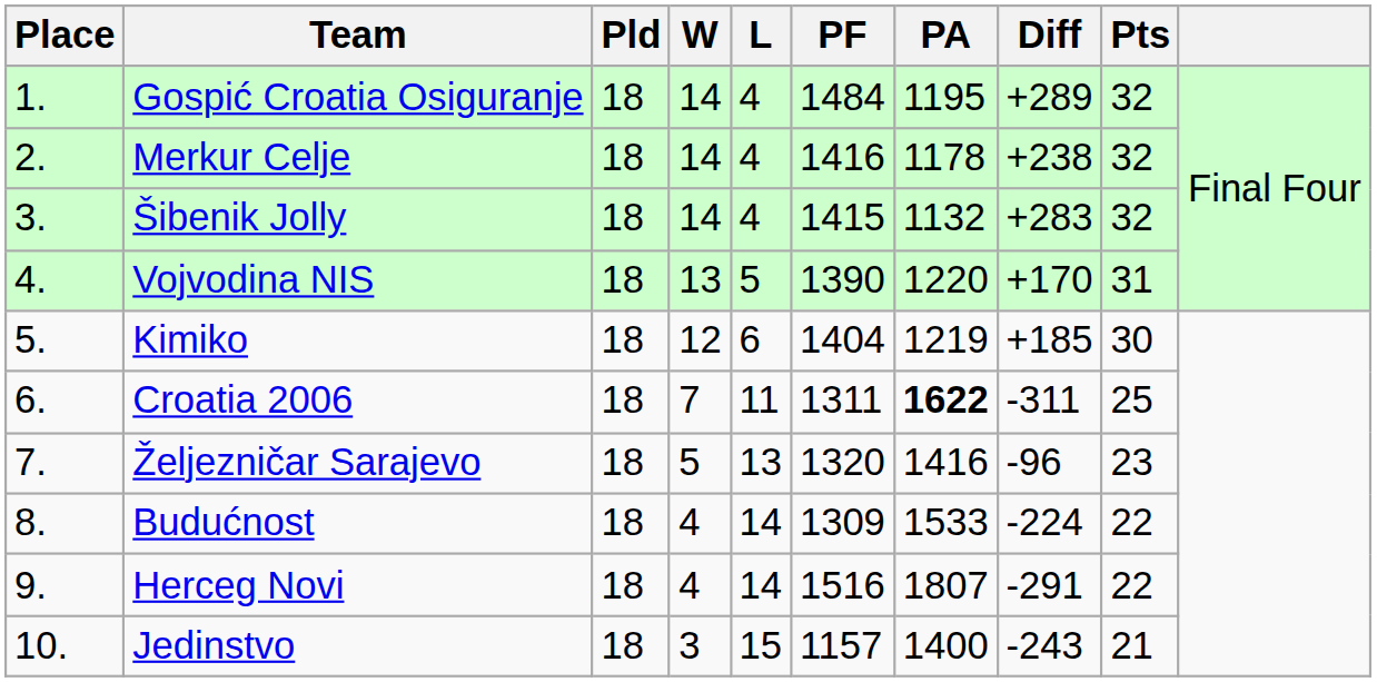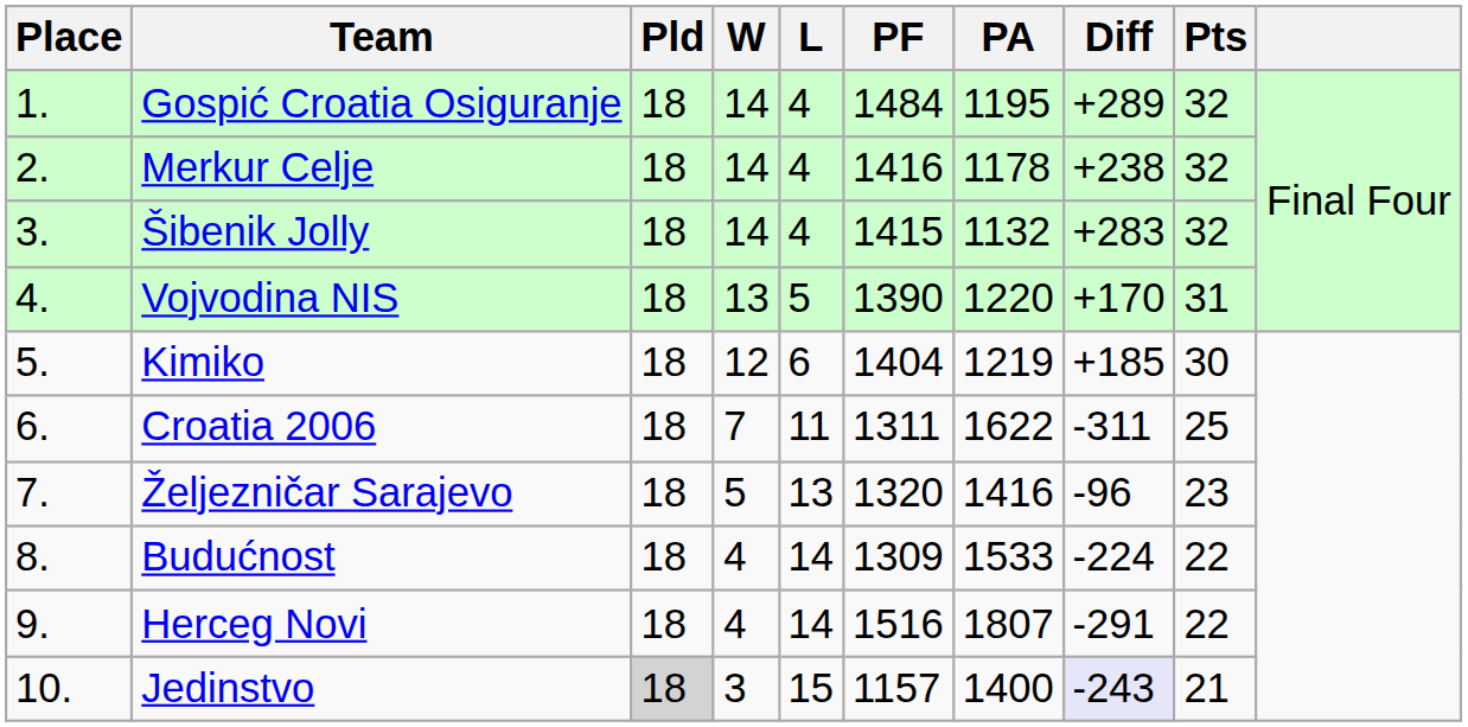 <table class="wikitable">
 <tr>
 <th>Place</th>
 <th>Team</th>
 <th>Pld</th>
 <th>W</th>
 <th>L</th>
 <th>PF</th>
 <th>PA</th>
 <th>Diff</th>
 <th>Pts</th>
 <th></th>
 </tr>
 <tr bgcolor=#ccffcc>
 <td>1.</td>
 <td> <a href='#'>Gospić Croatia Osiguranje</a></td>
 <td>18</td>
 <td>14</td>
 <td>4</td>
 <td>1484</td>
 <td>1195</td>
 <td>+289</td>
 <td>32</td>
 <td rowspan="4">Final Four</td>
 </tr>
 <tr bgcolor=#ccffcc>
 <td>2.</td>
 <td> <a href='#'>Merkur Celje</a></td>
 <td>18</td>
 <td>14</td>
 <td>4</td>
 <td>1416</td>
 <td>1178</td>
 <td>+238</td>
 <td>32</td>
 </tr>
 <tr bgcolor=#ccffcc>
 <td>3.</td>
 <td> <a href='#'>Šibenik Jolly</a></td>
 <td>18</td>
 <td>14</td>
 <td>4</td>
 <td>1415</td>
 <td>1132</td>
 <td>+283</td>
 <td>32</td>
 </tr>
 <tr bgcolor=#ccffcc>
 <td>4.</td>
 <td> <a href='#'>Vojvodina NIS</a></td>
 <td>18</td>
 <td>13</td>
 <td>5</td>
 <td>1390</td>
 <td>1220</td>
 <td>+170</td>
 <td>31</td>
 </tr>
 <tr>
 <td>5.</td>
 <td> <a href='#'>Kimiko</a></td>
 <td>18</td>
 <td>12</td>
 <td>6</td>
 <td>1404</td>
 <td>1219</td>
 <td>+185</td>
 <td>30</td>
 <td rowspan="6"></td>
 </tr>
 <tr>
 <td>6.</td>
 <td> <a href='#'>Croatia 2006</a></td>
 <td>18</td>
 <td>7</td>
 <td>11</td>
 <td>1311</td>
-<td><strong>1622</strong></td>
+<td>1622</td>
 <td>-311</td>
 <td>25</td>
 </tr>
 <tr>
 <td>7.</td>
 <td> <a href='#'>Željezničar Sarajevo</a></td>
 <td>18</td>
 <td>5</td>
 <td>13</td>
 <td>1320</td>
 <td>1416</td>
 <td>-96</td>
 <td>23</td>
 </tr>
 <tr>
 <td>8.</td>
 <td> <a href='#'>Budućnost</a></td>
 <td>18</td>
 <td>4</td>
 <td>14</td>
 <td>1309</td>
 <td>1533</td>
 <td>-224</td>
 <td>22</td>
 </tr>
 <tr>
 <td>9.</td>
 <td> <a href='#'>Herceg Novi</a></td>
 <td>18</td>
 <td>4</td>
 <td>14</td>
 <td>1516</td>
 <td>1807</td>
 <td>-291</td>
 <td>22</td>
 </tr>
 <tr>
 <td>10.</td>
 <td> <a href='#'>Jedinstvo</a></td>
-<td>18</td>
+<td style="background: lightgrey;">18</td>
 <td>3</td>
 <td>15</td>
 <td>1157</td>
 <td>1400</td>
-<td>-243</td>
+<td style="background: lavender;">-243</td>
 <td>21</td>
 </tr>
 </table>
